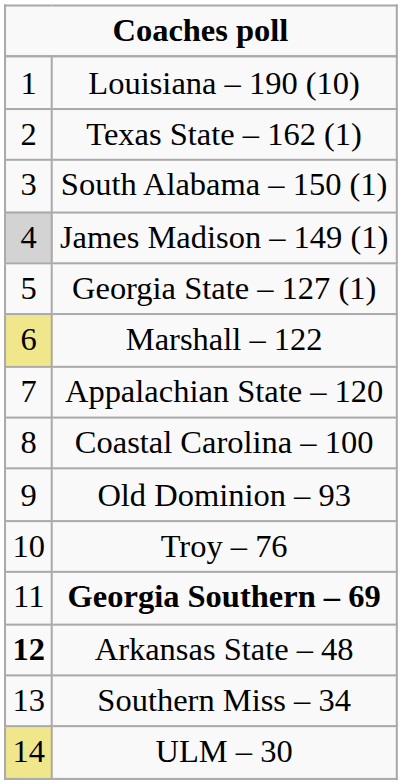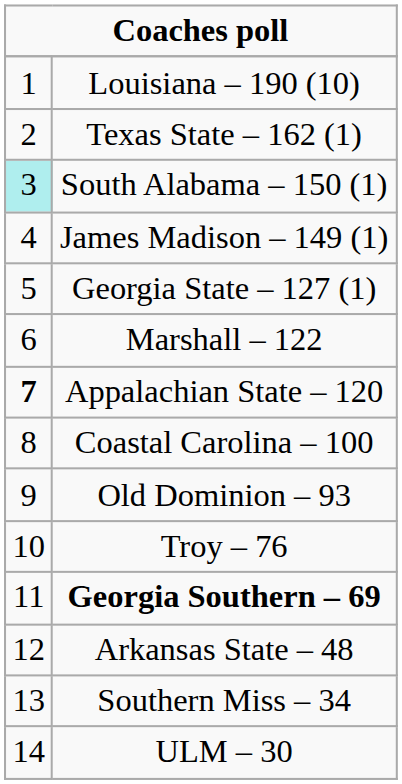 <table class="wikitable" style="display: inline-table;">
 <tr>
 <td align="center" Colspan="3"><strong>Coaches poll</strong></td>
 </tr>
 <tr align="center">
 </tr>
 <tr align="center">
 <td>1</td>
 <td>Louisiana – 190 (10)</td>
 </tr>
 <tr align="center">
 <td>2</td>
 <td>Texas State – 162 (1)</td>
 </tr>
 <tr align="center">
-<td>3</td>
+<td style="background: paleturquoise;">3</td>
 <td>South Alabama – 150 (1)</td>
 </tr>
 <tr align="center">
-<td style="background: lightgrey;">4</td>
+<td>4</td>
 <td>James Madison – 149 (1)</td>
 </tr>
 <tr align="center">
 <td>5</td>
 <td>Georgia State – 127 (1)</td>
 </tr>
 <tr align="center">
-<td style="background: khaki;">6</td>
+<td>6</td>
 <td>Marshall – 122</td>
 </tr>
 <tr align="center">
-<td>7</td>
+<td><strong>7</strong></td>
 <td>Appalachian State – 120</td>
 </tr>
 <tr align="center">
 <td>8</td>
 <td>Coastal Carolina – 100</td>
 </tr>
 <tr align="center">
 <td>9</td>
 <td>Old Dominion – 93</td>
 </tr>
 <tr align="center">
 <td>10</td>
 <td>Troy – 76</td>
 </tr>
 <tr align="center">
 <td>11</td>
 <td><strong>Georgia Southern – 69</strong></td>
 </tr>
 <tr align="center">
-<td><strong>12</strong></td>
+<td>12</td>
 <td>Arkansas State – 48</td>
 </tr>
 <tr align="center">
 <td>13</td>
 <td>Southern Miss – 34</td>
 </tr>
 <tr align="center">
-<td style="background: khaki;">14</td>
+<td>14</td>
 <td>ULM – 30</td>
 </tr>
 </table>
